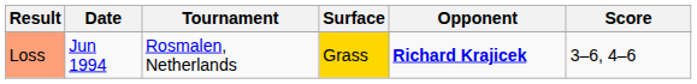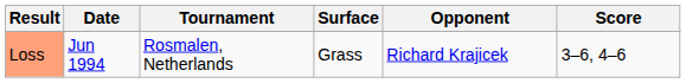 <table class="sortable wikitable">
 <tr>
 <th style="width:40px">Result</th>
 <th style="width:65px">Date</th>
 <th style="width:160px">Tournament</th>
 <th style="width:55px">Surface</th>
 <th style="width:160px">Opponent</th>
 <th style="width:110px" class="unsortable">Score</th>
 </tr>
 <tr bgcolor="#efefef">
 </tr>
 <tr>
 <td style="background:#ffa07a;">Loss</td>
 <td><a href='#'>Jun 1994</a></td>
 <td><a href='#'>Rosmalen</a>, Netherlands</td>
-<td style="background: gold;">Grass</td>
-<td><strong> <a href='#'>Richard Krajicek</a></strong></td>
+<td>Grass</td>
+<td> <a href='#'>Richard Krajicek</a></td>
 <td>3–6, 4–6</td>
 </tr>
 </table>
